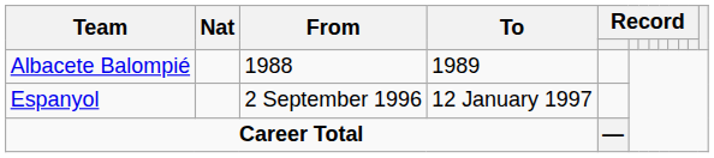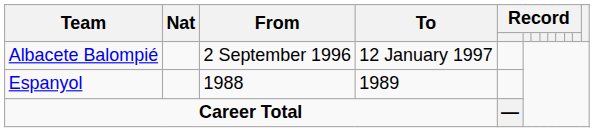 <table class="wikitable" style="text-align: center">
 <tr>
 <th rowspan="2">Team</th>
 <th rowspan="2">Nat</th>
 <th rowspan="2">From</th>
 <th rowspan="2">To</th>
 <th colspan="8">Record</th>
 <th rowspan=2></th>
 </tr>
 <tr>
 <th></th>
 <th></th>
 <th></th>
 <th></th>
 <th></th>
 <th></th>
 <th></th>
 <th></th>
 </tr>
 <tr>
 <td align="left"><a href='#'>Albacete Balompié</a></td>
 <td></td>
-<td align=left>1988</td>
-<td align=left>1989<br></td>
+<td align=left>2 September 1996</td>
+<td align=left>12 January 1997<br></td>
 <td></td>
 </tr>
 <tr>
 <td align="left"><a href='#'>Espanyol</a></td>
 <td></td>
-<td align=left>2 September 1996</td>
-<td align=left>12 January 1997<br></td>
+<td align=left>1988</td>
+<td align=left>1989<br></td>
 <td></td>
 </tr>
 <tr>
 <td colspan=4><strong>Career Total</strong><br></td>
 <th>—</th>
 </tr>
 </table>
